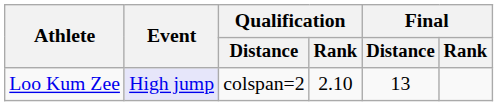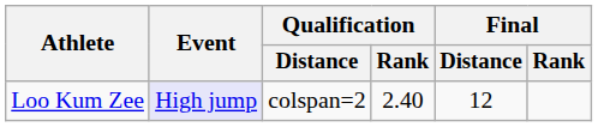 <table class="wikitable" style="font-size:90%">
 <tr>
 <th rowspan="2">Athlete</th>
 <th rowspan="2">Event</th>
 <th colspan="2">Qualification</th>
 <th colspan="2">Final</th>
 </tr>
 <tr style="font-size:95%">
 <th>Distance</th>
 <th>Rank</th>
 <th>Distance</th>
 <th>Rank</th>
 </tr>
 <tr align=center>
 <td align=left><a href='#'>Loo Kum Zee</a></td>
 <td align=left style="background: lavender;"><a href='#'>High jump</a></td>
 <td>colspan=2 </td>
-<td>2.10</td>
-<td>13</td>
+<td>2.40</td>
+<td>12</td>
 </tr>
 </table>
